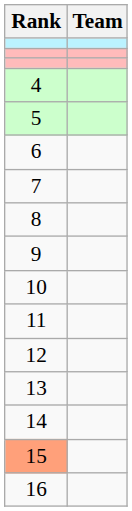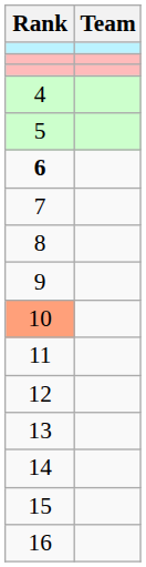 <table class="wikitable">
 <tr>
 <th style="width: 40px;">Rank</th>
 <th>Team</th>
 </tr>
 <tr style="background:#BBF3FF;">
 <td align=center></td>
 <td></td>
 </tr>
 <tr style="background:#FFBBBB;">
 <td align=center></td>
 <td></td>
 </tr>
 <tr style="background:#FFBBBB;">
 <td align=center></td>
 <td></td>
 </tr>
 <tr style="background:#CCFFCC;">
 <td align=center>4</td>
 <td></td>
 </tr>
 <tr style="background:#CCFFCC;">
 <td align=center>5</td>
 <td></td>
 </tr>
 <tr>
-<td align=center>6</td>
+<td align=center><strong>6</strong></td>
 <td></td>
 </tr>
 <tr>
 <td align=center>7</td>
 <td></td>
 </tr>
 <tr>
 <td align=center>8</td>
 <td></td>
 </tr>
 <tr>
 <td align=center>9</td>
 <td></td>
 </tr>
 <tr>
-<td align=center>10</td>
+<td align=center style="background: lightsalmon;">10</td>
 <td></td>
 </tr>
 <tr>
 <td align=center>11</td>
 <td></td>
 </tr>
 <tr>
 <td align=center>12</td>
 <td></td>
 </tr>
 <tr>
 <td align=center>13</td>
 <td></td>
 </tr>
 <tr>
 <td align=center>14</td>
 <td></td>
 </tr>
 <tr>
-<td align=center style="background: lightsalmon;">15</td>
+<td align=center>15</td>
 <td></td>
 </tr>
 <tr>
 <td align=center>16</td>
 <td></td>
 </tr>
 </table>
